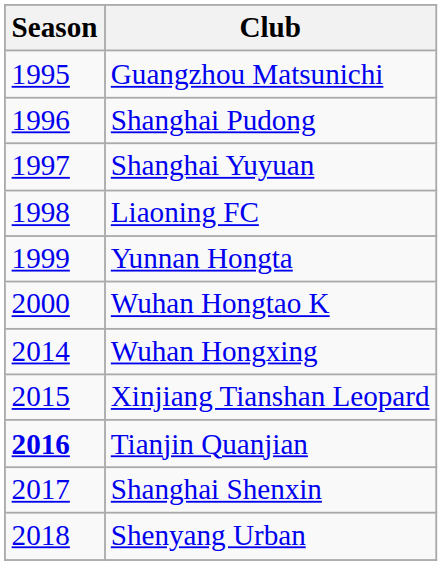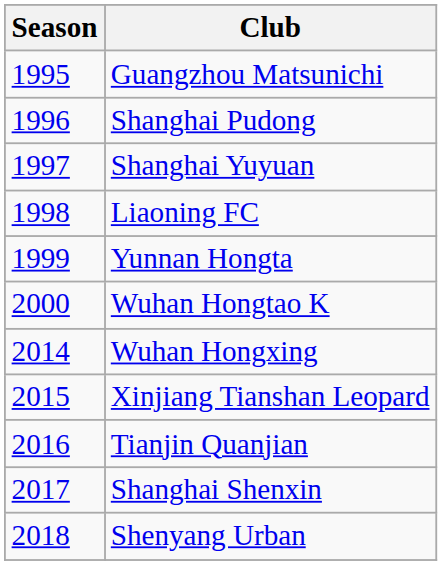 <table class="wikitable">
 <tr>
 <th>Season</th>
 <th>Club</th>
 </tr>
 <tr>
 <td><a href='#'>1995</a></td>
 <td><a href='#'>Guangzhou Matsunichi</a></td>
 </tr>
 <tr>
 <td><a href='#'>1996</a></td>
 <td><a href='#'>Shanghai Pudong</a></td>
 </tr>
 <tr>
 <td><a href='#'>1997</a></td>
 <td><a href='#'>Shanghai Yuyuan</a></td>
 </tr>
 <tr>
 <td><a href='#'>1998</a></td>
 <td><a href='#'>Liaoning FC</a></td>
 </tr>
 <tr>
 <td><a href='#'>1999</a></td>
 <td><a href='#'>Yunnan Hongta</a></td>
 </tr>
 <tr>
 <td><a href='#'>2000</a></td>
 <td><a href='#'>Wuhan Hongtao K</a></td>
 </tr>
 <tr>
 <td><a href='#'>2014</a></td>
 <td><a href='#'>Wuhan Hongxing</a></td>
 </tr>
 <tr>
 <td><a href='#'>2015</a></td>
 <td><a href='#'>Xinjiang Tianshan Leopard</a></td>
 </tr>
 <tr>
-<td><strong><a href='#'>2016</a></strong></td>
+<td><a href='#'>2016</a></td>
 <td><a href='#'>Tianjin Quanjian</a></td>
 </tr>
 <tr>
 <td><a href='#'>2017</a></td>
 <td><a href='#'>Shanghai Shenxin</a></td>
 </tr>
 <tr>
 <td><a href='#'>2018</a></td>
 <td><a href='#'>Shenyang Urban</a></td>
 </tr>
 </table>
